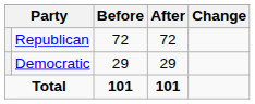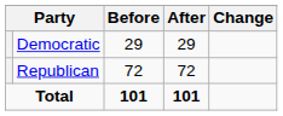 <table class="wikitable" style="text-align:center;">
 <tr>
 </tr>
 <tr>
 <th colspan=2>Party</th>
 <th>Before</th>
 <th>After</th>
 <th>Change</th>
 </tr>
 <tr>
 <th style="background-color:"></th>
-<td style="text-align:left;"><a href='#'>Republican</a></td>
-<td>72</td>
-<td>72</td>
+<td style="text-align:left;"><a href='#'>Democratic</a></td>
+<td>29</td>
+<td>29</td>
 <td></td>
 </tr>
 <tr>
 <th style="background-color:"></th>
-<td style="text-align:left;"><a href='#'>Democratic</a></td>
-<td>29</td>
-<td>29</td>
+<td style="text-align:left;"><a href='#'>Republican</a></td>
+<td>72</td>
+<td>72</td>
 <td></td>
 </tr>
 <tr>
 <td colspan=2><strong>Total</strong></td>
 <td><strong>101</strong></td>
 <td><strong>101</strong></td>
 <td></td>
 </tr>
 </table>
